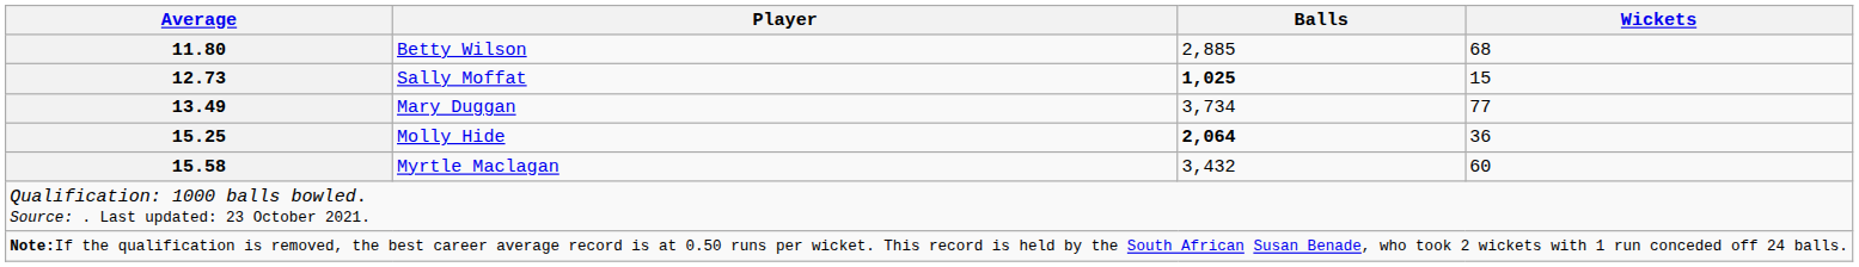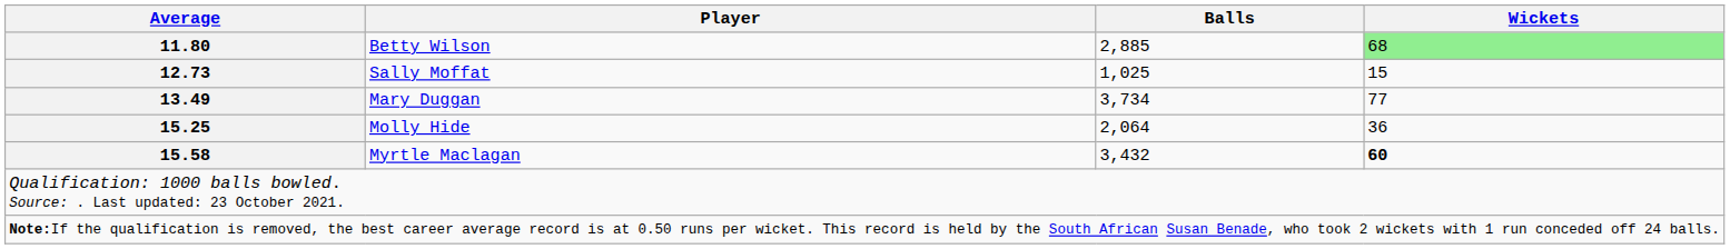 <table class="wikitable">
 <tr>
 <th><a href='#'>Average</a></th>
 <th>Player</th>
 <th>Balls</th>
 <th><a href='#'>Wickets</a></th>
 </tr>
 <tr>
 <th>11.80</th>
 <td align="left"> <a href='#'>Betty Wilson</a></td>
 <td>2,885</td>
-<td>68</td>
+<td style="background: lightgreen;">68</td>
 </tr>
 <tr>
 <th>12.73</th>
 <td align="left"> <a href='#'>Sally Moffat</a></td>
-<td><strong>1,025</strong></td>
+<td>1,025</td>
 <td>15</td>
 </tr>
 <tr>
 <th>13.49</th>
 <td align="left"> <a href='#'>Mary Duggan</a></td>
 <td>3,734</td>
 <td>77</td>
 </tr>
 <tr>
 <th>15.25</th>
 <td align="left"> <a href='#'>Molly Hide</a></td>
-<td><strong>2,064</strong></td>
+<td>2,064</td>
 <td>36</td>
 </tr>
 <tr>
 <th>15.58</th>
 <td align="left"> <a href='#'>Myrtle Maclagan</a></td>
 <td>3,432</td>
-<td>60</td>
+<td><strong>60</strong></td>
 </tr>
 <tr>
 <td colspan=5><em>Qualification: 1000 balls bowled</em>.<br><small><em>Source: </em>. Last updated: 23 October 2021.</small></td>
 </tr>
 <tr>
 <td colspan=5><small><strong>Note:</strong>If the qualification is removed, the best career average record is at 0.50 runs per wicket. This record is held by the <a href='#'>South African</a> <a href='#'>Susan Benade</a>, who took 2 wickets with 1 run conceded off 24 balls.</small></td>
 </tr>
 </table>
